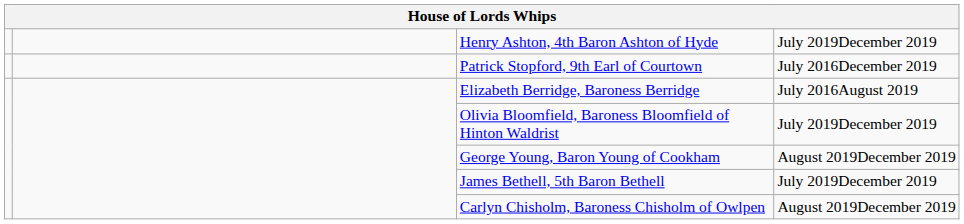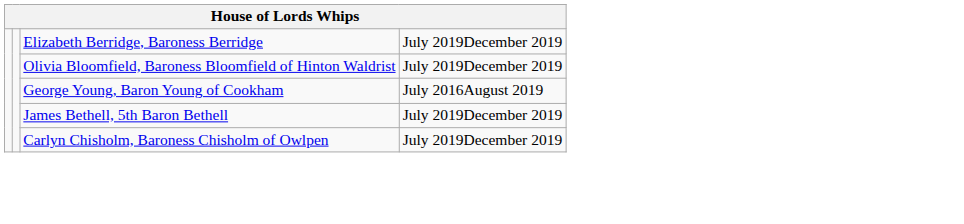 <table class="wikitable">
 <tr>
 <th colspan="4">House of Lords Whips</th>
 </tr>
 <tr>
-<td style="width: 1px; background: "></td>
-<td style="width: 450px;"></td>
-<td style="width: 320px;"><a href='#'>Henry Ashton, 4th Baron Ashton of Hyde</a></td>
-<td>July 2019December 2019</td>
-</tr>
-<tr>
-<td style="width: 1px; background: "></td>
-<td></td>
-<td><a href='#'>Patrick Stopford, 9th Earl of Courtown</a></td>
-<td>July 2016December 2019</td>
-</tr>
-<tr>
 <td rowspan=5 style="width: 1px; background: "></td>
 <td rowspan=5></td>
 <td><a href='#'>Elizabeth Berridge, Baroness Berridge</a> </td>
-<td>July 2016August 2019</td>
+<td>July 2019December 2019</td>
 </tr>
 <tr>
 <td><a href='#'>Olivia Bloomfield, Baroness Bloomfield of Hinton Waldrist</a> </td>
 <td>July 2019December 2019</td>
 </tr>
 <tr>
 <td><a href='#'>George Young, Baron Young of Cookham</a></td>
-<td>August 2019December 2019</td>
+<td>July 2016August 2019</td>
 </tr>
 <tr>
 <td><a href='#'>James Bethell, 5th Baron Bethell</a></td>
 <td>July 2019December 2019</td>
 </tr>
 <tr>
 <td><a href='#'>Carlyn Chisholm, Baroness Chisholm of Owlpen</a></td>
-<td>August 2019December 2019</td>
+<td>July 2019December 2019</td>
 </tr>
 </table>
